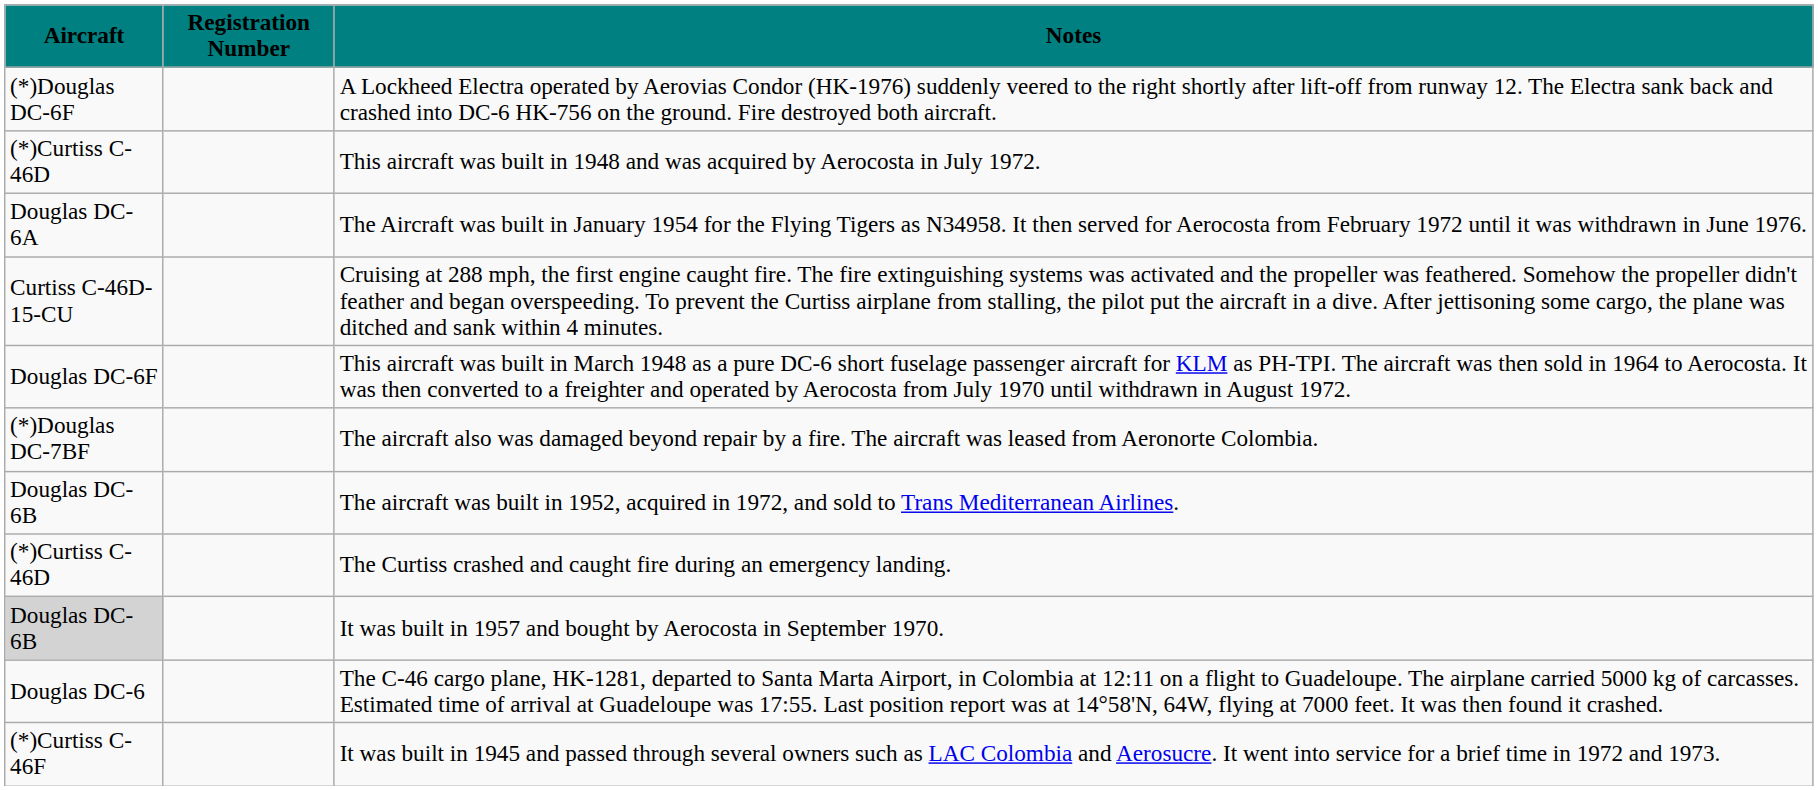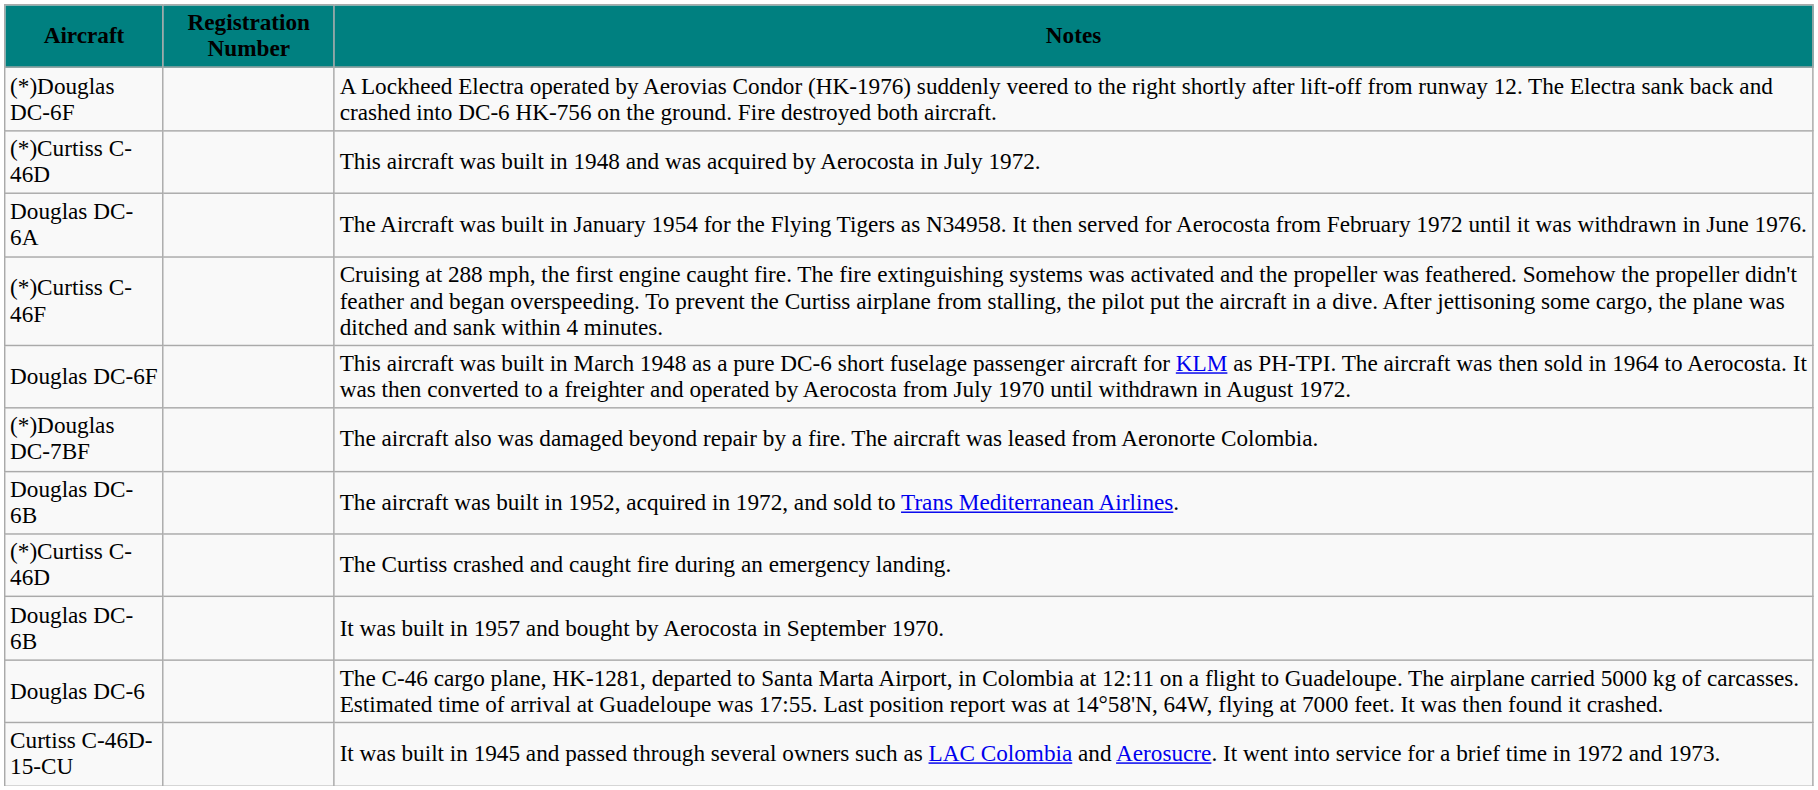 <table class="wikitable" border="1337">
 <tr>
 <th style="background-color:teal;"><span> Aircraft</span></th>
 <th style="background-color:teal;"><span> Registration Number</span></th>
 <th style="background-color:teal;"><span> Notes</span></th>
 </tr>
 <tr>
 <td>(*)Douglas DC-6F</td>
 <td></td>
 <td>A Lockheed Electra operated by Aerovias Condor (HK-1976) suddenly veered to the right shortly after lift-off from runway 12. The Electra sank back and crashed into DC-6 HK-756 on the ground. Fire destroyed both aircraft.</td>
 </tr>
 <tr>
 <td>(*)Curtiss C-46D</td>
 <td></td>
 <td>This aircraft was built in 1948 and was acquired by Aerocosta in July 1972.	</td>
 </tr>
 <tr>
 <td>Douglas DC-6A</td>
 <td></td>
 <td>The Aircraft was built in January 1954 for the Flying Tigers as N34958. It then served for Aerocosta from February 1972 until it was withdrawn in June 1976.</td>
 </tr>
 <tr>
-<td>Curtiss C-46D-15-CU</td>
+<td>(*)Curtiss C-46F</td>
 <td></td>
 <td>Cruising at 288 mph, the first engine caught fire. The fire extinguishing systems was activated and the propeller was feathered. Somehow the propeller didn't feather and began overspeeding. To prevent the Curtiss airplane from stalling, the pilot put the aircraft in a dive. After jettisoning some cargo, the plane was ditched and sank within 4 minutes.</td>
 </tr>
 <tr>
 <td>Douglas DC-6F</td>
 <td></td>
 <td>This aircraft was built in March 1948 as a pure DC-6 short fuselage passenger aircraft for <a href='#'>KLM</a> as PH-TPI. The aircraft was then sold in 1964 to Aerocosta. It was then converted to a freighter and operated by Aerocosta from July 1970 until withdrawn in August 1972.</td>
 </tr>
 <tr>
 <td>(*)Douglas DC-7BF</td>
 <td></td>
 <td>The aircraft also was damaged beyond repair by a fire. The aircraft was leased from Aeronorte Colombia.</td>
 </tr>
 <tr>
 <td>Douglas DC-6B</td>
 <td></td>
 <td>The aircraft was built in 1952, acquired in 1972, and sold to <a href='#'>Trans Mediterranean Airlines</a>.</td>
 </tr>
 <tr>
 <td>(*)Curtiss C-46D</td>
 <td></td>
 <td>The Curtiss crashed and caught fire during an emergency landing.</td>
 </tr>
 <tr>
-<td style="background: lightgrey;">Douglas DC-6B</td>
+<td>Douglas DC-6B</td>
 <td></td>
 <td>It was built in 1957 and bought by Aerocosta in September 1970.</td>
 </tr>
 <tr>
 <td>Douglas DC-6</td>
 <td></td>
 <td>The C-46 cargo plane, HK-1281, departed to Santa Marta Airport, in Colombia at 12:11 on a flight to Guadeloupe. The airplane carried 5000 kg of carcasses. Estimated time of arrival at Guadeloupe was 17:55. Last position report was at 14°58'N, 64W, flying at 7000 feet. It was then found it crashed.</td>
 </tr>
 <tr>
-<td>(*)Curtiss C-46F</td>
+<td>Curtiss C-46D-15-CU</td>
 <td></td>
 <td>It was built in 1945 and passed through several owners such as <a href='#'>LAC Colombia</a> and <a href='#'>Aerosucre</a>. It went into service for a brief time in 1972 and 1973.</td>
 </tr>
 </table>
